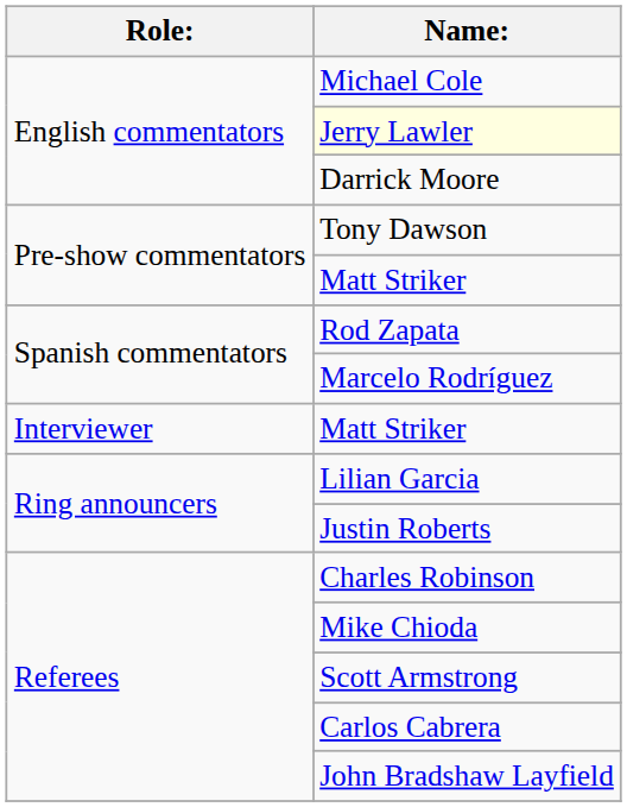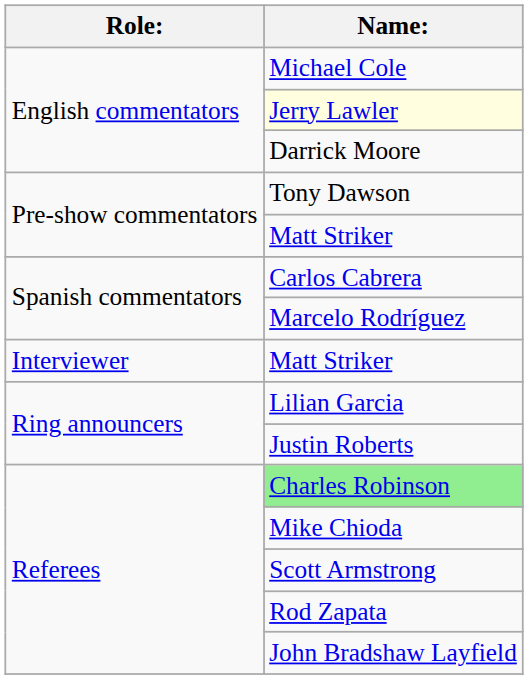 <table class=wikitable style="font-size:90%; margin: 0.5em 0 0.5em 1em; float: right; clear: right;">
 <tr>
 <th>Role:</th>
 <th>Name:</th>
 </tr>
 <tr>
 <td rowspan=3>English <a href='#'>commentators</a></td>
 <td><a href='#'>Michael Cole</a></td>
 </tr>
 <tr>
 <td style="background: lightyellow;"><a href='#'>Jerry Lawler</a></td>
 </tr>
 <tr>
 <td>Darrick Moore </td>
 </tr>
 <tr>
 <td rowspan=2>Pre-show commentators</td>
 <td>Tony Dawson</td>
 </tr>
 <tr>
 <td><a href='#'>Matt Striker</a></td>
 </tr>
 <tr>
 <td rowspan=2>Spanish commentators</td>
-<td><a href='#'>Rod Zapata</a></td>
+<td><a href='#'>Carlos Cabrera</a></td>
 </tr>
 <tr>
 <td><a href='#'>Marcelo Rodríguez</a></td>
 </tr>
 <tr>
 <td><a href='#'>Interviewer</a></td>
 <td><a href='#'>Matt Striker</a></td>
 </tr>
 <tr>
 <td rowspan=2><a href='#'>Ring announcers</a></td>
 <td><a href='#'>Lilian Garcia</a></td>
 </tr>
 <tr>
 <td><a href='#'>Justin Roberts</a></td>
 </tr>
 <tr>
 <td rowspan=5><a href='#'>Referees</a></td>
-<td><a href='#'>Charles Robinson</a></td>
+<td style="background: lightgreen;"><a href='#'>Charles Robinson</a></td>
 </tr>
 <tr>
 <td><a href='#'>Mike Chioda</a></td>
 </tr>
 <tr>
 <td><a href='#'>Scott Armstrong</a></td>
 </tr>
 <tr>
-<td><a href='#'>Carlos Cabrera</a></td>
+<td><a href='#'>Rod Zapata</a></td>
 </tr>
 <tr>
 <td><a href='#'>John Bradshaw Layfield</a></td>
 </tr>
 </table>
